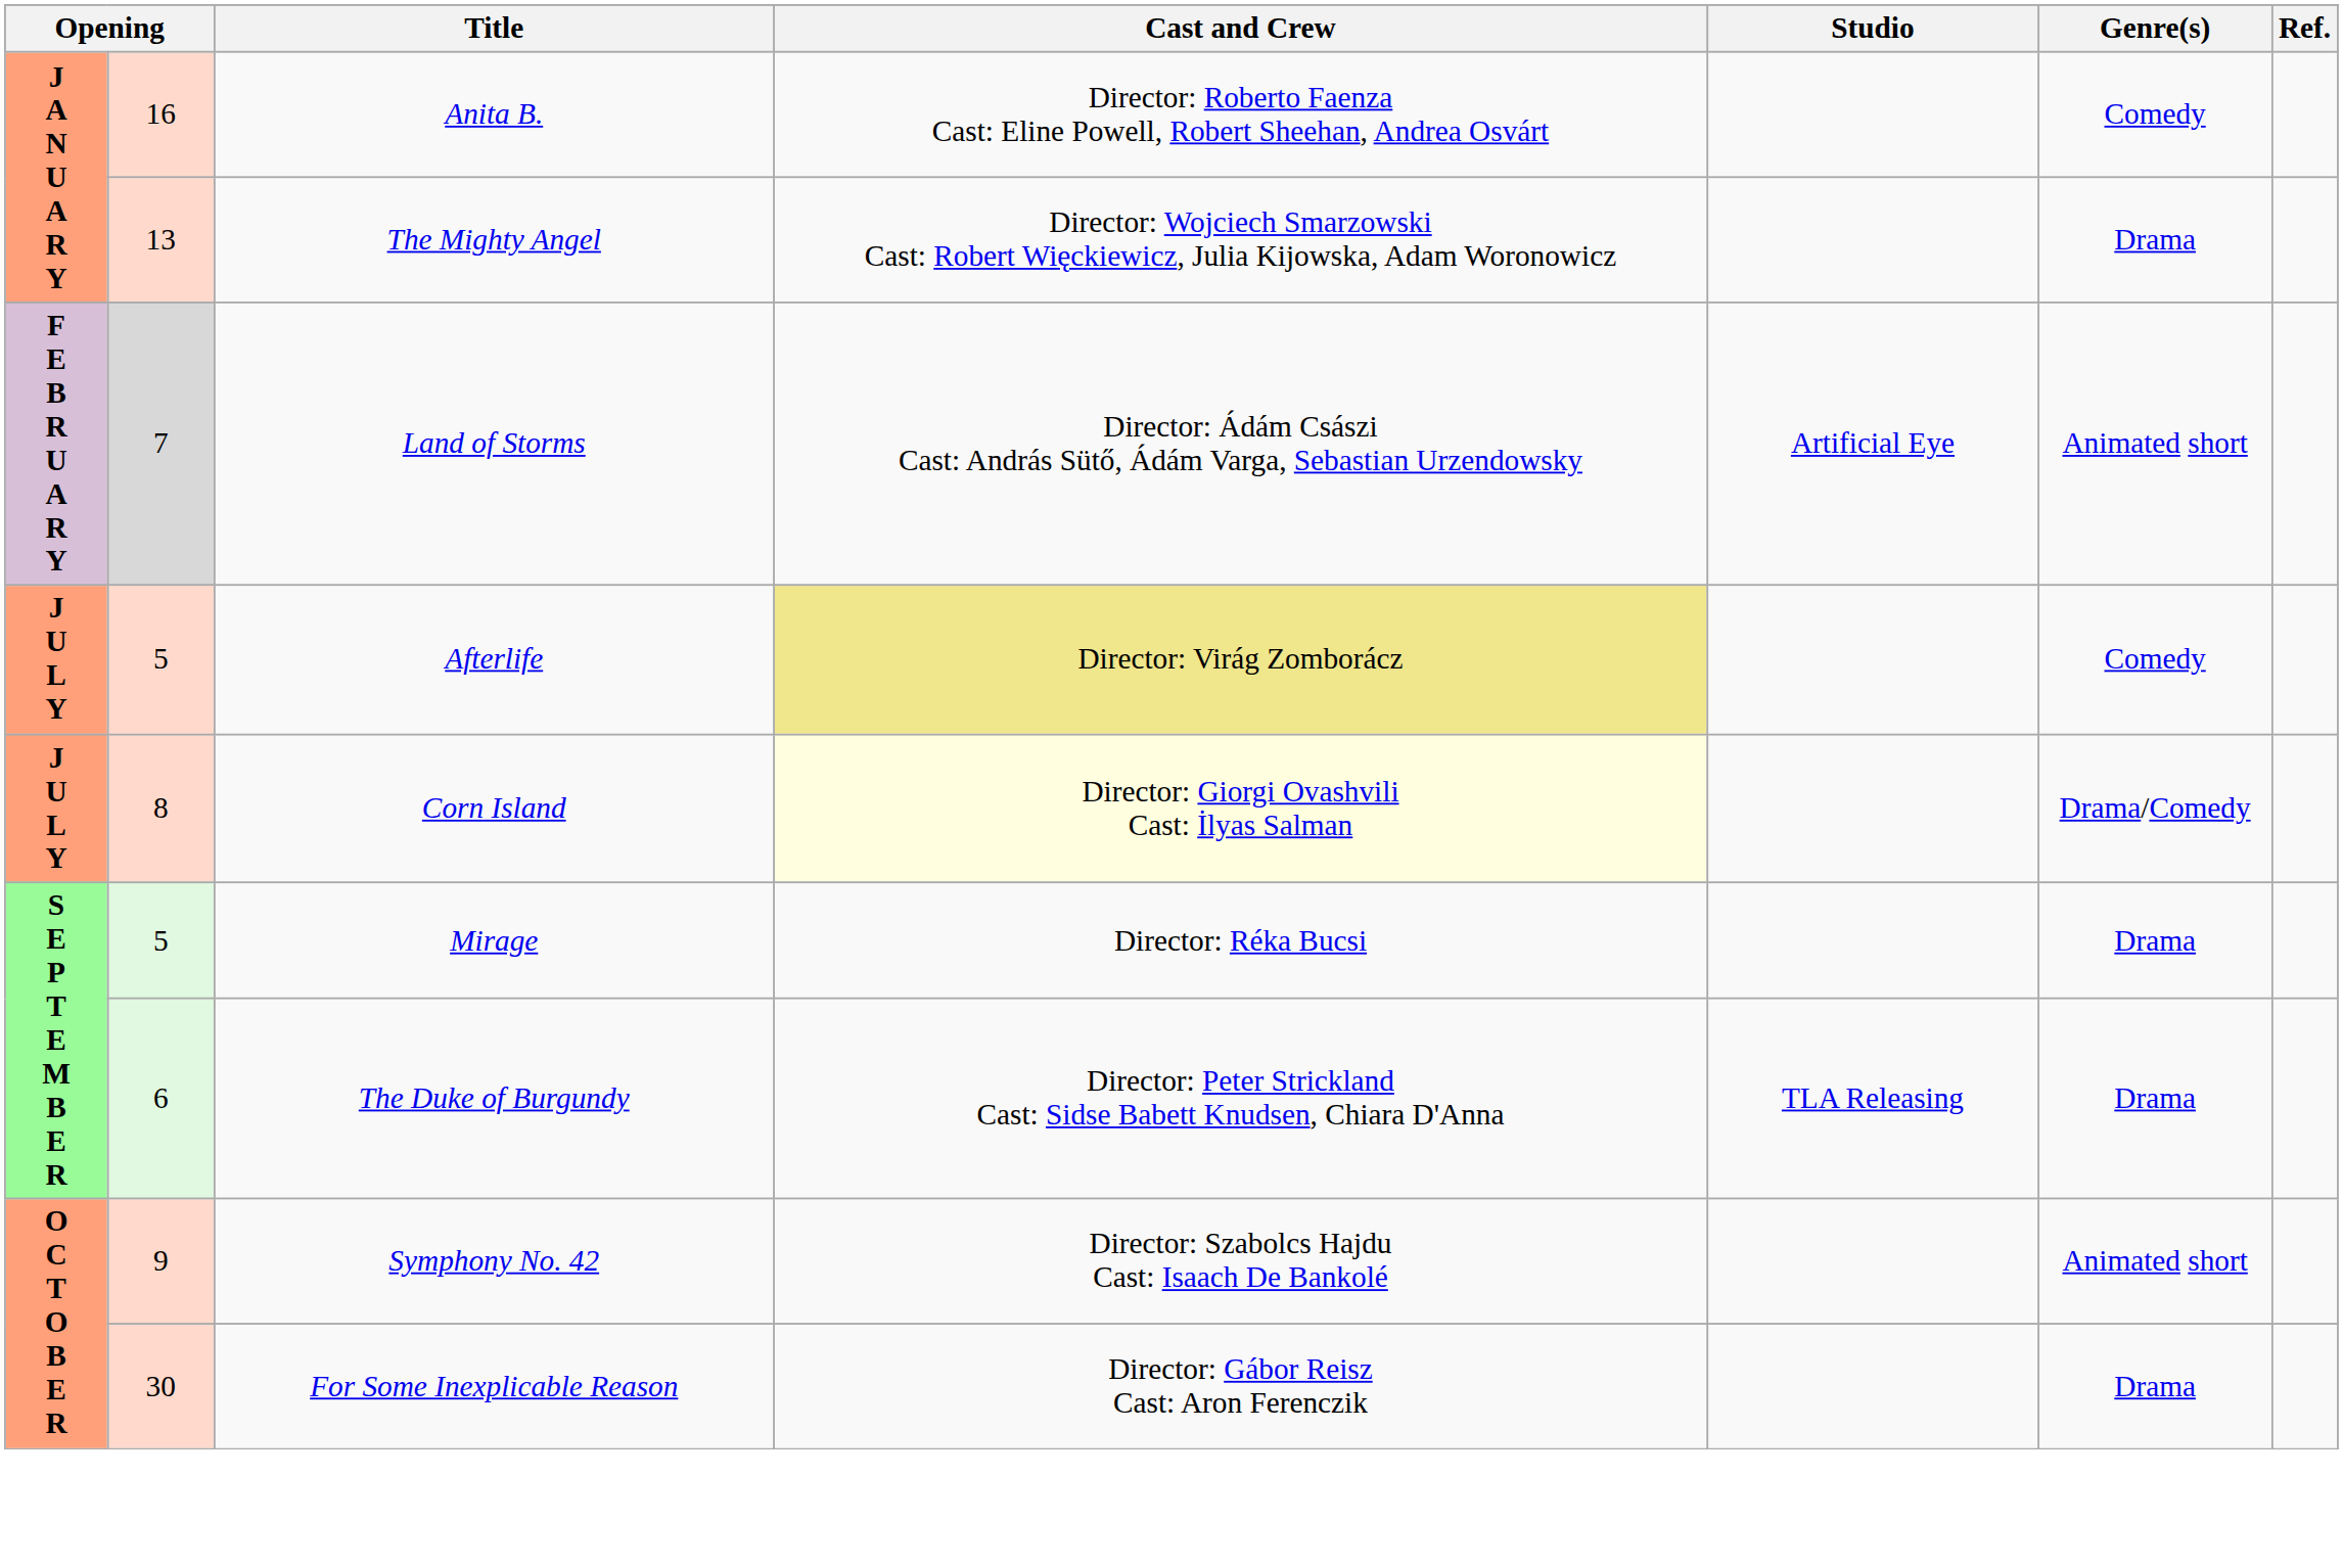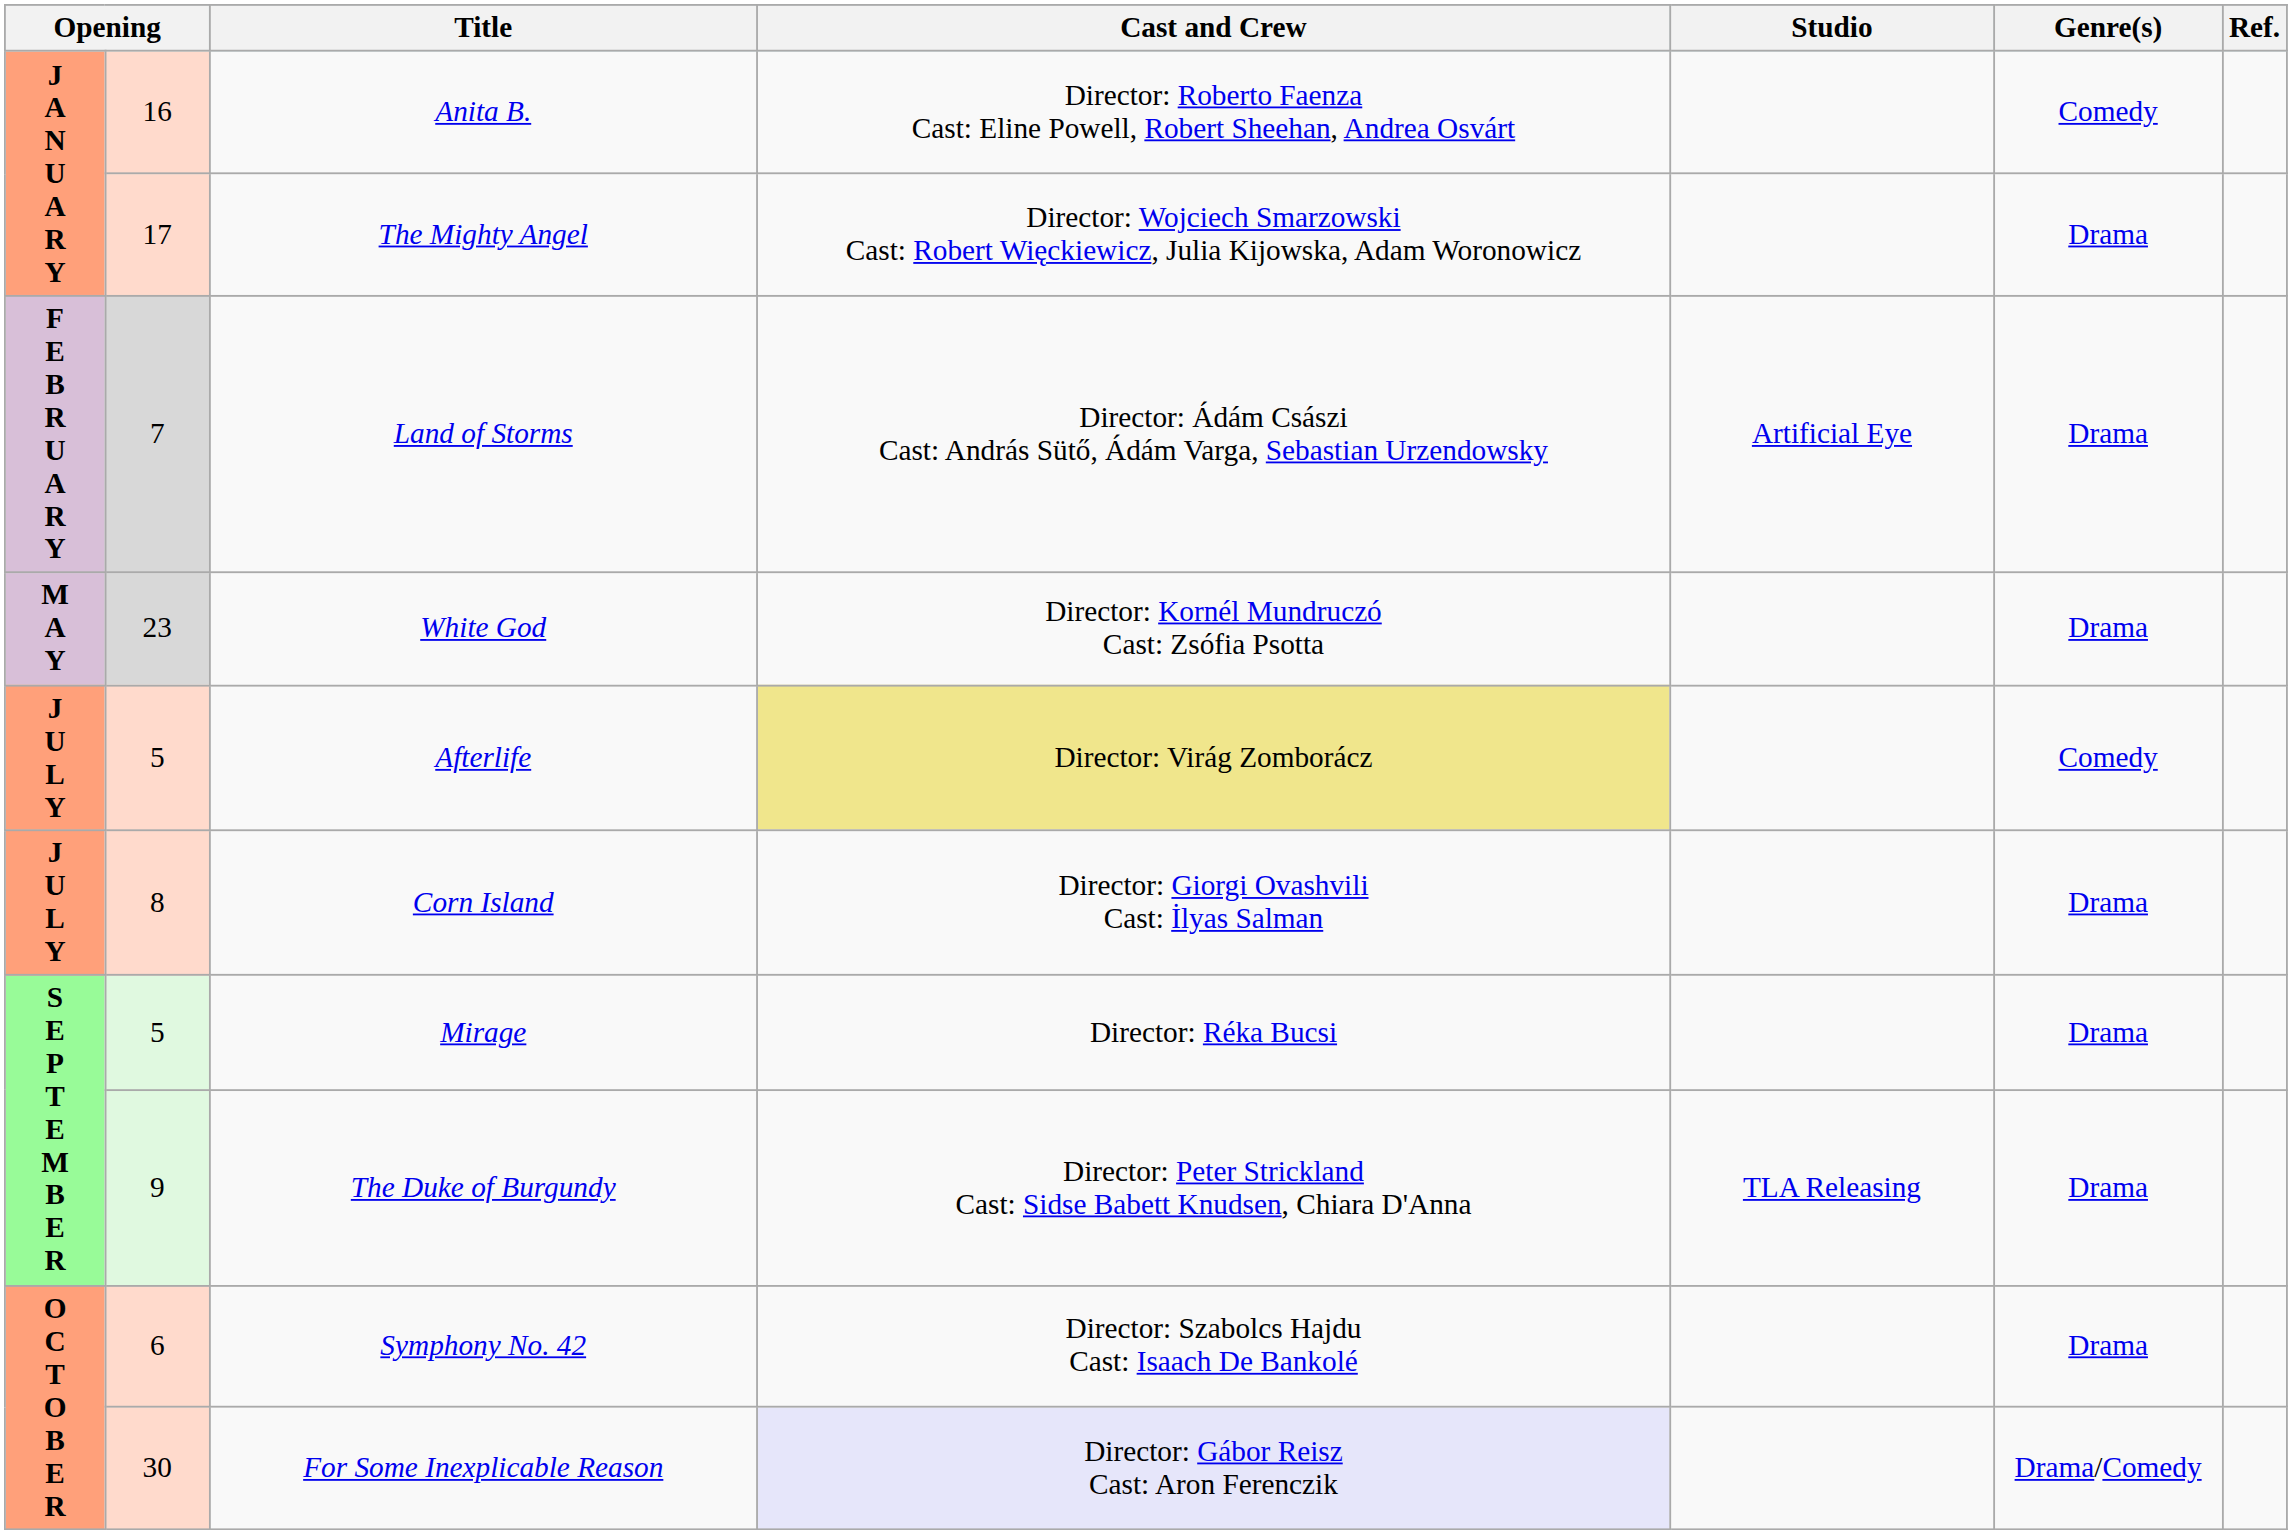 <table class="wikitable" style="text-align: Center">
 <tr style="background:#b0e0e6">
 <th colspan="2">Opening</th>
 <th style="width:24%;">Title</th>
 <th style="width:40%;">Cast and Crew</th>
 <th>Studio</th>
 <th style="width:10%;">Genre(s)</th>
 <th style="width:2%;">Ref.</th>
 </tr>
 <tr>
 <th rowspan="2" style="background:#ffa07a; textcolor:#000;">J<br>A<br>N<br>U<br>A<br>R<br>Y</th>
 <td style="background:#ffdacc;">16</td>
 <td><em><a href='#'>Anita B.</a></em></td>
 <td>Director: <a href='#'>Roberto Faenza</a> <br> Cast: Eline Powell, <a href='#'>Robert Sheehan</a>, <a href='#'>Andrea Osvárt</a></td>
 <td></td>
 <td><a href='#'>Comedy</a></td>
 <td></td>
 </tr>
 <tr>
-<td style="background:#ffdacc;">13</td>
+<td style="background:#ffdacc;">17</td>
 <td><em><a href='#'>The Mighty Angel</a></em></td>
 <td>Director: <a href='#'>Wojciech Smarzowski</a> <br> Cast: <a href='#'>Robert Więckiewicz</a>, Julia Kijowska, Adam Woronowicz</td>
 <td></td>
 <td><a href='#'>Drama</a></td>
 <td></td>
 </tr>
 <tr>
 <th style="background:thistle; textcolor:#000;">F<br>E<br>B<br>R<br>U<br>A<br>R<br>Y</th>
 <td style="background:#d8d8d8;">7</td>
 <td><em><a href='#'>Land of Storms</a></em></td>
 <td>Director: Ádám Császi <br> Cast: András Sütő, Ádám Varga, <a href='#'>Sebastian Urzendowsky</a></td>
 <td><a href='#'>Artificial Eye</a></td>
-<td><a href='#'>Animated</a> <a href='#'>short</a></td>
+<td><a href='#'>Drama</a></td>
+<td></td>
+</tr>
+<tr>
+<th style="background:thistle; textcolor:#000;">M<br>A<br>Y</th>
+<td style="background:#d8d8d8;">23</td>
+<td><em><a href='#'>White God</a></em></td>
+<td>Director: <a href='#'>Kornél Mundruczó</a> <br> Cast: Zsófia Psotta</td>
+<td></td>
+<td><a href='#'>Drama</a></td>
 <td></td>
 </tr>
 <tr>
 <th style="background:#ffa07a; textcolor:#000;">J<br>U<br>L<br>Y</th>
 <td style="background:#ffdacc;">5</td>
 <td><em><a href='#'>Afterlife</a></em></td>
 <td style="background: khaki;">Director: Virág Zomborácz</td>
 <td></td>
 <td><a href='#'>Comedy</a></td>
 <td></td>
 </tr>
 <tr>
 <th style="background:#ffa07a; textcolor:#000;">J<br>U<br>L<br>Y</th>
 <td style="background:#ffdacc;">8</td>
 <td><em><a href='#'>Corn Island</a></em></td>
-<td style="background: lightyellow;">Director: <a href='#'>Giorgi Ovashvili</a> <br> Cast: <a href='#'>İlyas Salman</a></td>
+<td>Director: <a href='#'>Giorgi Ovashvili</a> <br> Cast: <a href='#'>İlyas Salman</a></td>
 <td></td>
-<td><a href='#'>Drama</a>/<a href='#'>Comedy</a></td>
+<td><a href='#'>Drama</a></td>
 <td></td>
 </tr>
 <tr>
 <th rowspan="2" style="background:#98fb98; textcolor:#000;">S<br>E<br>P<br>T<br>E<br>M<br>B<br>E<br>R</th>
 <td style="background:#e0f9e0;">5</td>
 <td><em><a href='#'>Mirage</a></em></td>
 <td>Director: <a href='#'>Réka Bucsi</a></td>
 <td></td>
 <td><a href='#'>Drama</a></td>
 <td></td>
 </tr>
 <tr>
-<td style="background:#e0f9e0;">6</td>
+<td style="background:#e0f9e0;">9</td>
 <td><em><a href='#'>The Duke of Burgundy</a></em></td>
 <td>Director: <a href='#'>Peter Strickland</a> <br> Cast: <a href='#'>Sidse Babett Knudsen</a>, Chiara D'Anna</td>
 <td><a href='#'>TLA Releasing</a></td>
 <td><a href='#'>Drama</a></td>
 <td></td>
 </tr>
 <tr>
 <th rowspan="2" style="background:#ffa07a; textcolor:#000;">O<br>C<br>T<br>O<br>B<br>E<br>R</th>
-<td style="background:#ffdacc;">9</td>
+<td style="background:#ffdacc;">6</td>
 <td><em><a href='#'>Symphony No. 42</a></em></td>
 <td>Director: Szabolcs Hajdu <br> Cast: <a href='#'>Isaach De Bankolé</a></td>
 <td></td>
-<td><a href='#'>Animated</a> <a href='#'>short</a></td>
+<td><a href='#'>Drama</a></td>
 <td></td>
 </tr>
 <tr>
 <td style="background:#ffdacc;">30</td>
 <td><em><a href='#'>For Some Inexplicable Reason</a></em></td>
-<td>Director: <a href='#'>Gábor Reisz</a> <br> Cast: Aron Ferenczik</td>
+<td style="background: lavender;">Director: <a href='#'>Gábor Reisz</a> <br> Cast: Aron Ferenczik</td>
 <td></td>
-<td><a href='#'>Drama</a></td>
+<td><a href='#'>Drama</a>/<a href='#'>Comedy</a></td>
 <td></td>
 </tr>
 </table>
